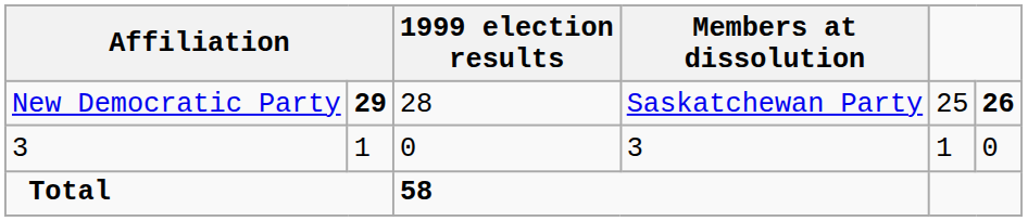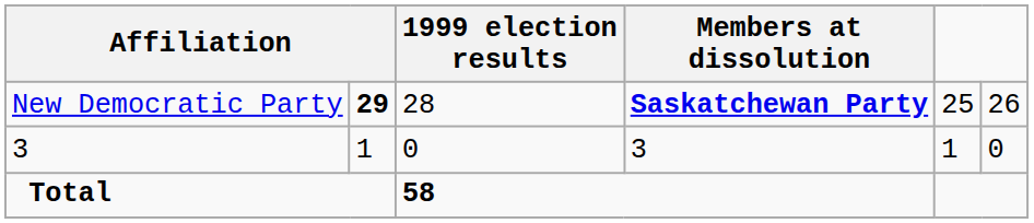 <table class="wikitable">
 <tr>
 <th colspan="2">Affiliation</th>
 <th>1999 election<br>results</th>
 <th>Members at<br>dissolution</th>
 </tr>
 <tr>
 <td><a href='#'>New Democratic Party</a></td>
 <td><strong>29</strong></td>
 <td>28<br></td>
-<td><a href='#'>Saskatchewan Party</a></td>
+<td><strong><a href='#'>Saskatchewan Party</a></strong></td>
 <td>25</td>
-<td><strong>26</strong></td>
+<td>26</td>
 </tr>
 <tr>
 <td>3</td>
 <td>1<br></td>
 <td>0</td>
 <td>3<br></td>
 <td>1</td>
 <td>0</td>
 </tr>
 <tr>
 <td colspan="2"> <strong>Total</strong><br></td>
 <td colspan="2"><strong>58</strong></td>
 </tr>
 </table>
